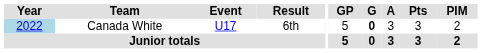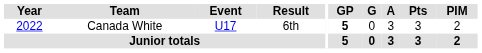 <table border="0" cellpadding="1" cellspacing="0" ID="Table3" style="text-align:center; width:40em;">
 <tr bgcolor="#e0e0e0">
 <th>Year</th>
 <th>Team</th>
 <th>Event</th>
 <th>Result</th>
 <th rowspan="101" bgcolor="#ffffff"></th>
 <th>GP</th>
 <th>G</th>
 <th>A</th>
 <th>Pts</th>
 <th>PIM</th>
 </tr>
 <tr>
-<td style="background: lightblue;"><a href='#'>2022</a></td>
+<td><a href='#'>2022</a></td>
 <td>Canada White</td>
 <td><a href='#'>U17</a></td>
 <td>6th</td>
-<td>5</td>
-<td><strong>0</strong></td>
+<td><strong>5</strong></td>
+<td>0</td>
 <td>3</td>
 <td>3</td>
 <td>2</td>
 </tr>
 <tr bgcolor="#e0e0e0">
 <th colspan="4">Junior totals</th>
 <th>5</th>
 <th>0</th>
 <th>3</th>
 <th>3</th>
 <th>2</th>
 </tr>
 </table>
